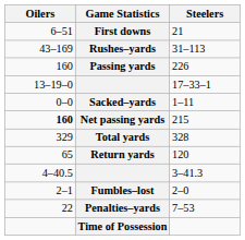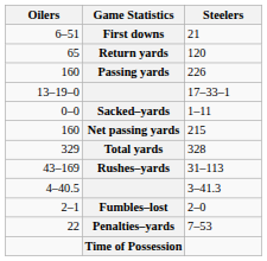 <table class="wikitable" style="margin: 1em auto 1em auto">
 <tr>
 <th style="width:30%;">Oilers</th>
 <th style="width:40%;">Game Statistics</th>
 <th style="width:30%;">Steelers</th>
 </tr>
 <tr>
 <td style="text-align:right;">6–51</td>
 <th>First downs</th>
 <td>21</td>
 </tr>
 <tr>
-<td style="text-align:right;">43–169</td>
-<th>Rushes–yards</th>
-<td>31–113</td>
+<td style="text-align:right;">65</td>
+<th>Return yards</th>
+<td>120</td>
 </tr>
 <tr>
 <td style="text-align:right;">160</td>
 <th>Passing yards</th>
 <td>226</td>
 </tr>
 <tr>
 <td style="text-align:right;">13–19–0</td>
 <th></th>
 <td>17–33–1</td>
 </tr>
 <tr>
 <td style="text-align:right;">0–0</td>
 <th>Sacked–yards</th>
 <td>1–11</td>
 </tr>
 <tr>
-<td style="text-align:right;"><strong>160</strong></td>
+<td style="text-align:right;">160</td>
 <th>Net passing yards</th>
 <td>215</td>
 </tr>
 <tr>
 <td style="text-align:right;">329</td>
 <th>Total yards</th>
 <td>328</td>
 </tr>
 <tr>
-<td style="text-align:right;">65</td>
-<th>Return yards</th>
-<td>120</td>
+<td style="text-align:right;">43–169</td>
+<th>Rushes–yards</th>
+<td>31–113</td>
 </tr>
 <tr>
 <td style="text-align:right;">4–40.5</td>
 <th></th>
 <td>3–41.3</td>
 </tr>
 <tr>
 <td style="text-align:right;">2–1</td>
 <th>Fumbles–lost</th>
 <td>2–0</td>
 </tr>
 <tr>
 <td style="text-align:right;">22</td>
 <th>Penalties–yards</th>
 <td>7–53</td>
 </tr>
 <tr>
 <td style="text-align:right;"></td>
 <th>Time of Possession</th>
 <td></td>
 </tr>
 </table>
